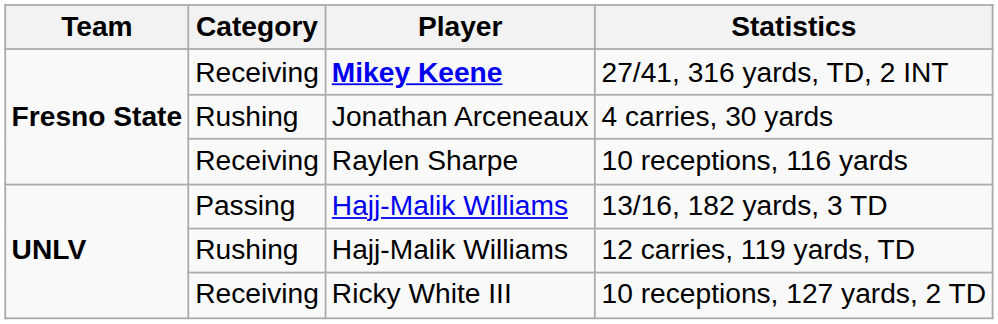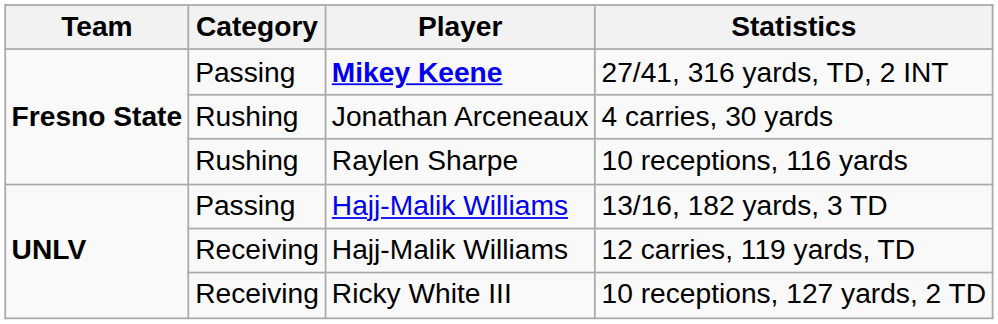 <table class="wikitable" style="float: right;">
 <tr>
 <th>Team</th>
 <th>Category</th>
 <th>Player</th>
 <th>Statistics</th>
 </tr>
 <tr>
 <td rowspan=3><strong>Fresno State</strong></td>
-<td>Receiving</td>
+<td>Passing</td>
 <td><strong><a href='#'>Mikey Keene</a></strong></td>
 <td>27/41, 316 yards, TD, 2 INT</td>
 </tr>
 <tr>
 <td>Rushing</td>
 <td>Jonathan Arceneaux</td>
 <td>4 carries, 30 yards</td>
 </tr>
 <tr>
-<td>Receiving</td>
+<td>Rushing</td>
 <td>Raylen Sharpe</td>
 <td>10 receptions, 116 yards</td>
 </tr>
 <tr>
 <td rowspan=3><strong>UNLV</strong></td>
 <td>Passing</td>
 <td><a href='#'>Hajj-Malik Williams</a></td>
 <td>13/16, 182 yards, 3 TD</td>
 </tr>
 <tr>
-<td>Rushing</td>
+<td>Receiving</td>
 <td>Hajj-Malik Williams</td>
 <td>12 carries, 119 yards, TD</td>
 </tr>
 <tr>
 <td>Receiving</td>
 <td>Ricky White III</td>
 <td>10 receptions, 127 yards, 2 TD</td>
 </tr>
 </table>
